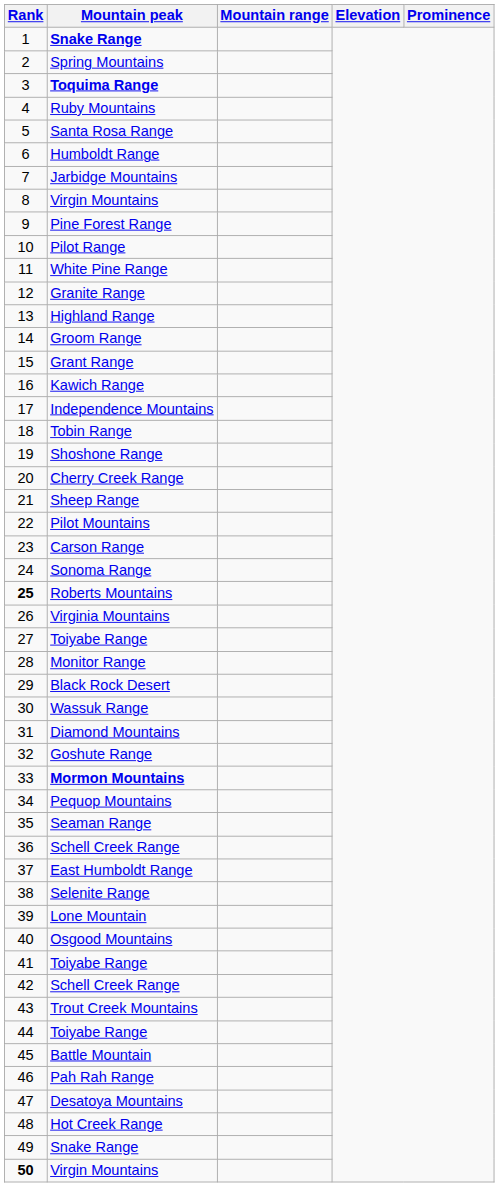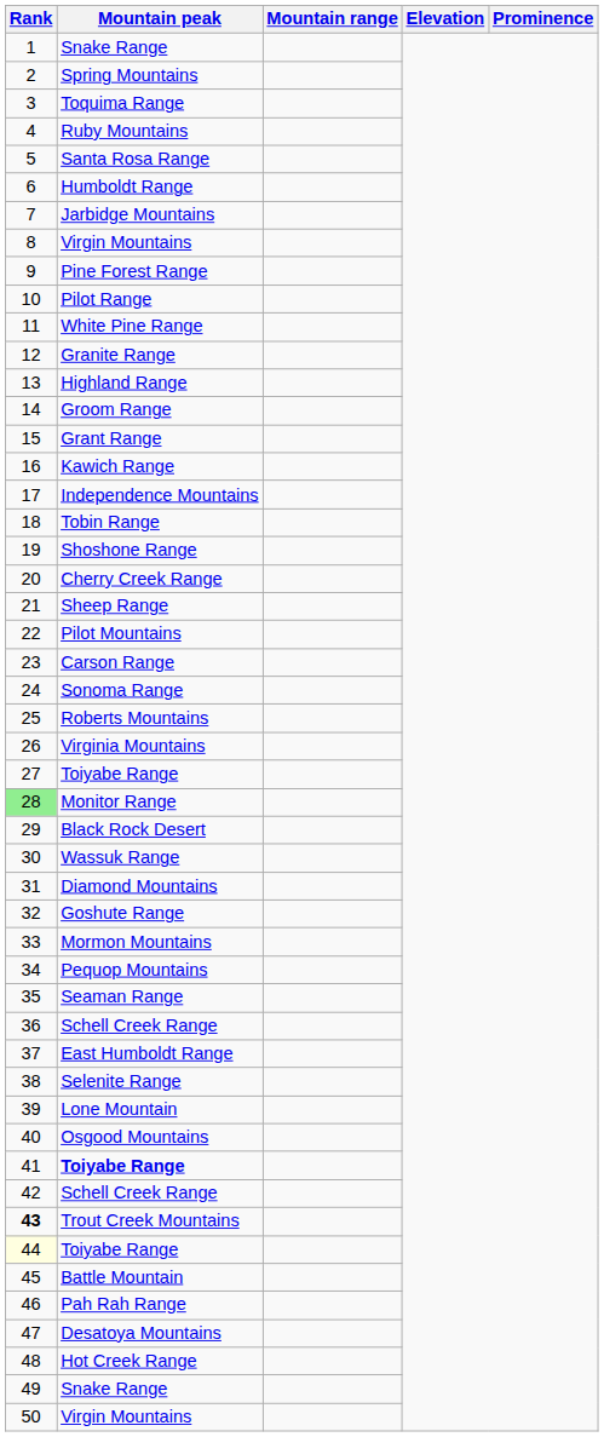 <table class="wikitable sortable">
 <tr>
 <th><a href='#'>Rank</a></th>
 <th><a href='#'>Mountain peak</a></th>
 <th><a href='#'>Mountain range</a></th>
 <th><a href='#'>Elevation</a></th>
 <th><a href='#'>Prominence</a></th>
 </tr>
 <tr>
 <td align=center>1<br></td>
-<td><strong><a href='#'>Snake Range</a><br></strong></td>
+<td><a href='#'>Snake Range</a><br></td>
 <td></td>
 </tr>
 <tr>
 <td align=center>2<br></td>
 <td><a href='#'>Spring Mountains</a><br></td>
 <td></td>
 </tr>
 <tr>
 <td align=center>3<br></td>
-<td><strong><a href='#'>Toquima Range</a><br></strong></td>
+<td><a href='#'>Toquima Range</a><br></td>
 <td></td>
 </tr>
 <tr>
 <td align=center>4<br></td>
 <td><a href='#'>Ruby Mountains</a><br></td>
 <td></td>
 </tr>
 <tr>
 <td align=center>5<br></td>
 <td><a href='#'>Santa Rosa Range</a><br></td>
 <td></td>
 </tr>
 <tr>
 <td align=center>6<br></td>
 <td><a href='#'>Humboldt Range</a><br></td>
 <td></td>
 </tr>
 <tr>
 <td align=center>7<br></td>
 <td><a href='#'>Jarbidge Mountains</a><br></td>
 <td></td>
 </tr>
 <tr>
 <td align=center>8<br></td>
 <td><a href='#'>Virgin Mountains</a><br></td>
 <td></td>
 </tr>
 <tr>
 <td align=center>9<br></td>
 <td><a href='#'>Pine Forest Range</a><br></td>
 <td></td>
 </tr>
 <tr>
 <td align=center>10<br></td>
 <td><a href='#'>Pilot Range</a><br></td>
 <td></td>
 </tr>
 <tr>
 <td align=center>11<br></td>
 <td><a href='#'>White Pine Range</a><br></td>
 <td></td>
 </tr>
 <tr>
 <td align=center>12<br></td>
 <td><a href='#'>Granite Range</a><br></td>
 <td></td>
 </tr>
 <tr>
 <td align=center>13<br></td>
 <td><a href='#'>Highland Range</a><br></td>
 <td></td>
 </tr>
 <tr>
 <td align=center>14<br></td>
 <td><a href='#'>Groom Range</a><br></td>
 <td></td>
 </tr>
 <tr>
 <td align=center>15<br></td>
 <td><a href='#'>Grant Range</a><br></td>
 <td></td>
 </tr>
 <tr>
 <td align=center>16<br></td>
 <td><a href='#'>Kawich Range</a><br></td>
 <td></td>
 </tr>
 <tr>
 <td align=center>17<br></td>
 <td><a href='#'>Independence Mountains</a><br></td>
 <td></td>
 </tr>
 <tr>
 <td align=center>18<br></td>
 <td><a href='#'>Tobin Range</a><br></td>
 <td></td>
 </tr>
 <tr>
 <td align=center>19<br></td>
 <td><a href='#'>Shoshone Range</a><br></td>
 <td></td>
 </tr>
 <tr>
 <td align=center>20<br></td>
 <td><a href='#'>Cherry Creek Range</a><br></td>
 <td></td>
 </tr>
 <tr>
 <td align=center>21<br></td>
 <td><a href='#'>Sheep Range</a><br></td>
 <td></td>
 </tr>
 <tr>
 <td align=center>22<br></td>
 <td><a href='#'>Pilot Mountains</a><br></td>
 <td></td>
 </tr>
 <tr>
 <td align=center>23<br></td>
 <td><a href='#'>Carson Range</a><br></td>
 <td></td>
 </tr>
 <tr>
 <td align=center>24<br></td>
 <td><a href='#'>Sonoma Range</a><br></td>
 <td></td>
 </tr>
 <tr>
-<td align=center><strong>25<br></strong></td>
+<td align=center>25<br></td>
 <td><a href='#'>Roberts Mountains</a><br></td>
 <td></td>
 </tr>
 <tr>
 <td align=center>26<br></td>
 <td><a href='#'>Virginia Mountains</a><br></td>
 <td></td>
 </tr>
 <tr>
 <td align=center>27<br></td>
 <td><a href='#'>Toiyabe Range</a><br></td>
 <td></td>
 </tr>
 <tr>
-<td align=center>28<br></td>
+<td align=center style="background: lightgreen;">28<br></td>
 <td><a href='#'>Monitor Range</a><br></td>
 <td></td>
 </tr>
 <tr>
 <td align=center>29<br></td>
 <td><a href='#'>Black Rock Desert</a><br></td>
 <td></td>
 </tr>
 <tr>
 <td align=center>30<br></td>
 <td><a href='#'>Wassuk Range</a><br></td>
 <td></td>
 </tr>
 <tr>
 <td align=center>31<br></td>
 <td><a href='#'>Diamond Mountains</a><br></td>
 <td></td>
 </tr>
 <tr>
 <td align=center>32<br></td>
 <td><a href='#'>Goshute Range</a><br></td>
 <td></td>
 </tr>
 <tr>
 <td align=center>33<br></td>
-<td><strong><a href='#'>Mormon Mountains</a><br></strong></td>
+<td><a href='#'>Mormon Mountains</a><br></td>
 <td></td>
 </tr>
 <tr>
 <td align=center>34<br></td>
 <td><a href='#'>Pequop Mountains</a><br></td>
 <td></td>
 </tr>
 <tr>
 <td align=center>35<br></td>
 <td><a href='#'>Seaman Range</a><br></td>
 <td></td>
 </tr>
 <tr>
 <td align=center>36<br></td>
 <td><a href='#'>Schell Creek Range</a><br></td>
 <td></td>
 </tr>
 <tr>
 <td align=center>37<br></td>
 <td><a href='#'>East Humboldt Range</a><br></td>
 <td></td>
 </tr>
 <tr>
 <td align=center>38<br></td>
 <td><a href='#'>Selenite Range</a><br></td>
 <td></td>
 </tr>
 <tr>
 <td align=center>39<br></td>
 <td><a href='#'>Lone Mountain</a><br></td>
 <td></td>
 </tr>
 <tr>
 <td align=center>40<br></td>
 <td><a href='#'>Osgood Mountains</a><br></td>
 <td></td>
 </tr>
 <tr>
 <td align=center>41<br></td>
-<td><a href='#'>Toiyabe Range</a><br></td>
+<td><strong><a href='#'>Toiyabe Range</a><br></strong></td>
 <td></td>
 </tr>
 <tr>
 <td align=center>42<br></td>
 <td><a href='#'>Schell Creek Range</a><br></td>
 <td></td>
 </tr>
 <tr>
-<td align=center>43<br></td>
+<td align=center><strong>43<br></strong></td>
 <td><a href='#'>Trout Creek Mountains</a><br></td>
 <td></td>
 </tr>
 <tr>
-<td align=center>44<br></td>
+<td align=center style="background: lightyellow;">44<br></td>
 <td><a href='#'>Toiyabe Range</a><br></td>
 <td></td>
 </tr>
 <tr>
 <td align=center>45<br></td>
 <td><a href='#'>Battle Mountain</a><br></td>
 <td></td>
 </tr>
 <tr>
 <td align=center>46<br></td>
 <td><a href='#'>Pah Rah Range</a><br></td>
 <td></td>
 </tr>
 <tr>
 <td align=center>47<br></td>
 <td><a href='#'>Desatoya Mountains</a><br></td>
 <td></td>
 </tr>
 <tr>
 <td align=center>48<br></td>
 <td><a href='#'>Hot Creek Range</a><br></td>
 <td></td>
 </tr>
 <tr>
 <td align=center>49<br></td>
 <td><a href='#'>Snake Range</a><br></td>
 <td></td>
 </tr>
 <tr>
-<td align=center><strong>50<br></strong></td>
+<td align=center>50<br></td>
 <td><a href='#'>Virgin Mountains</a><br></td>
 <td></td>
 </tr>
 </table>
